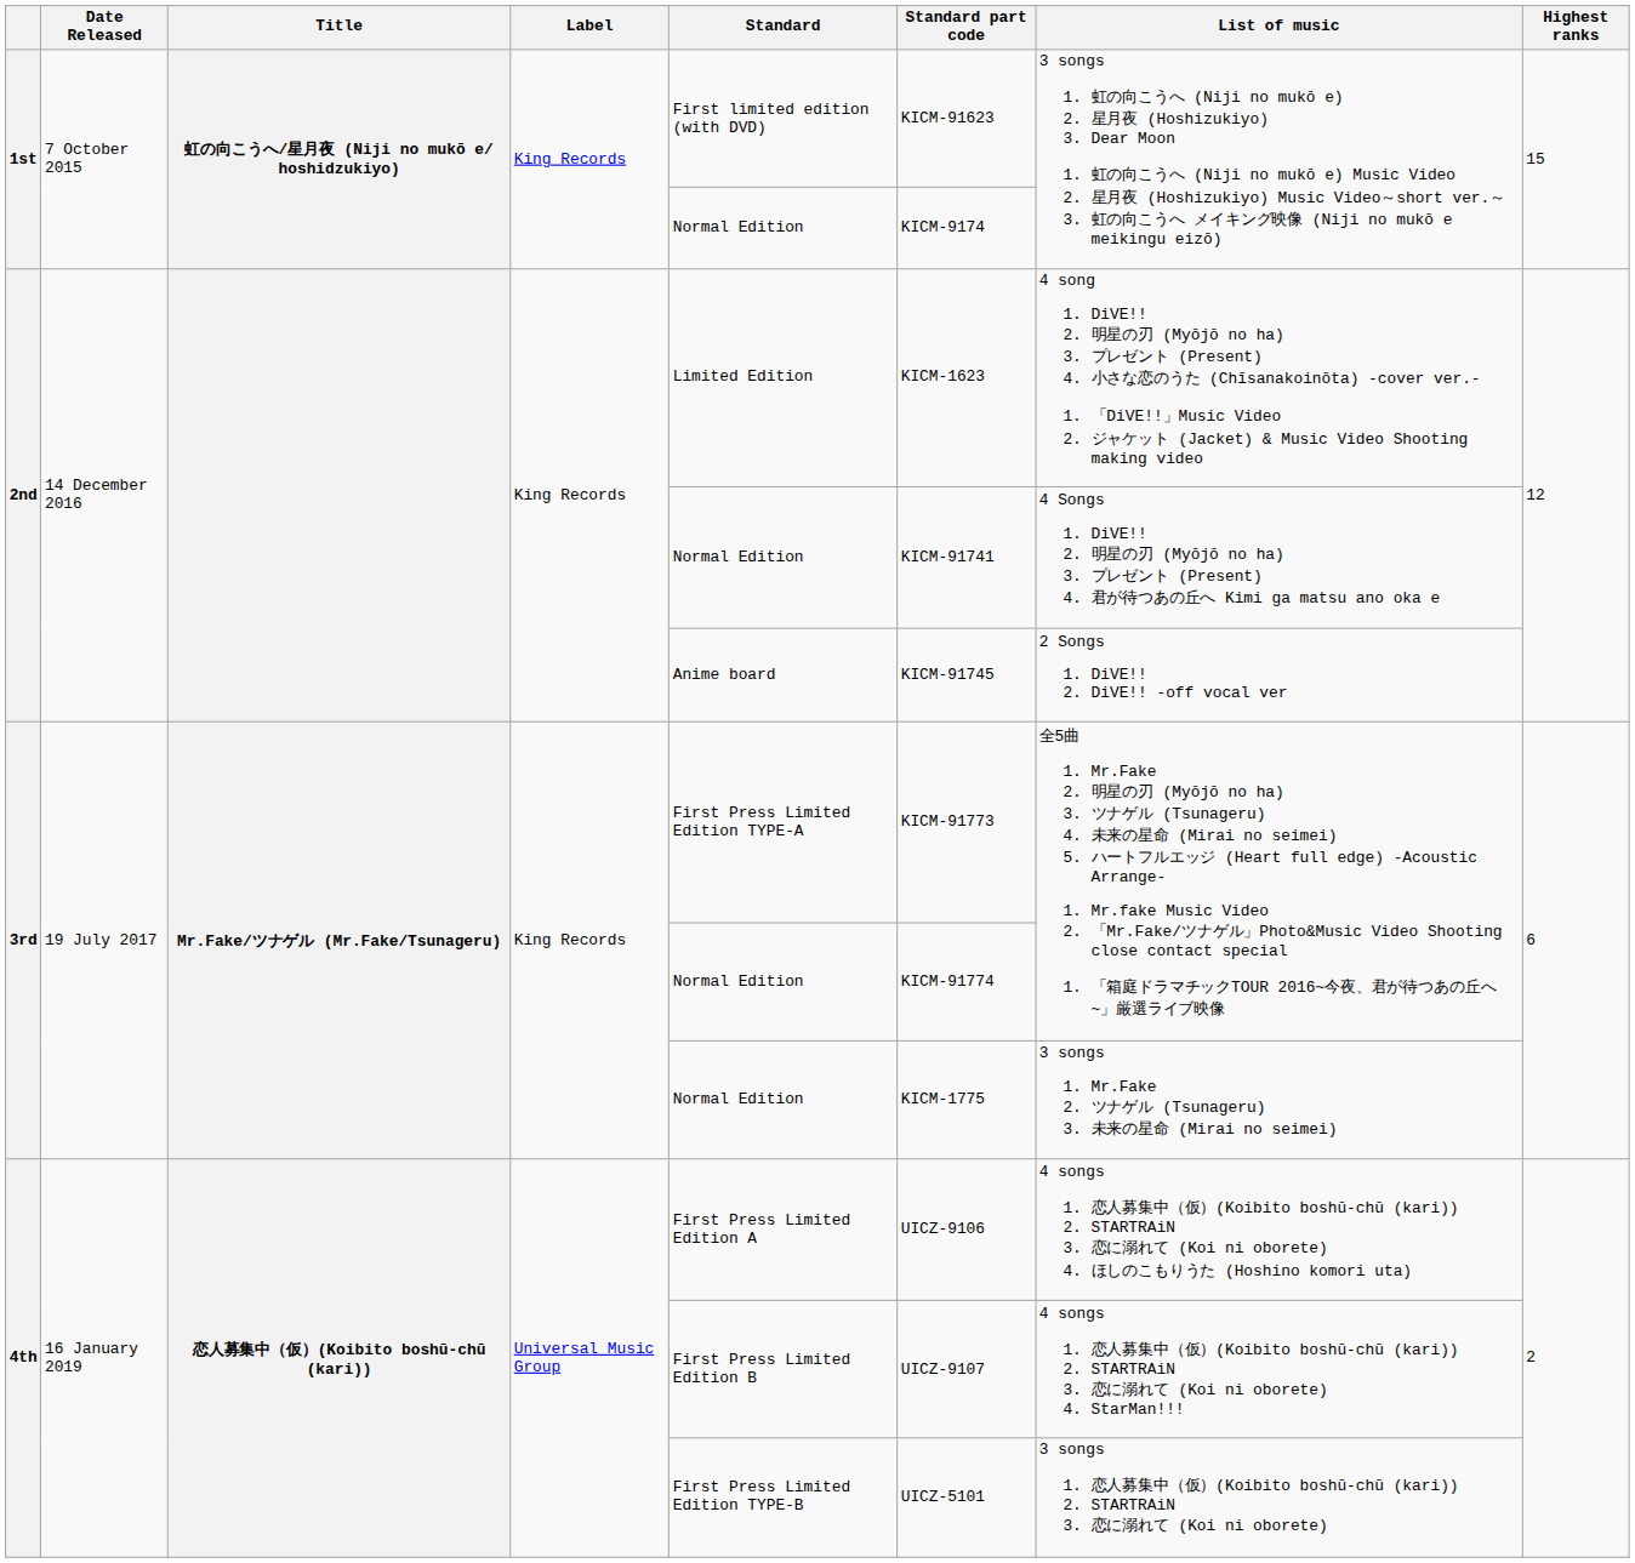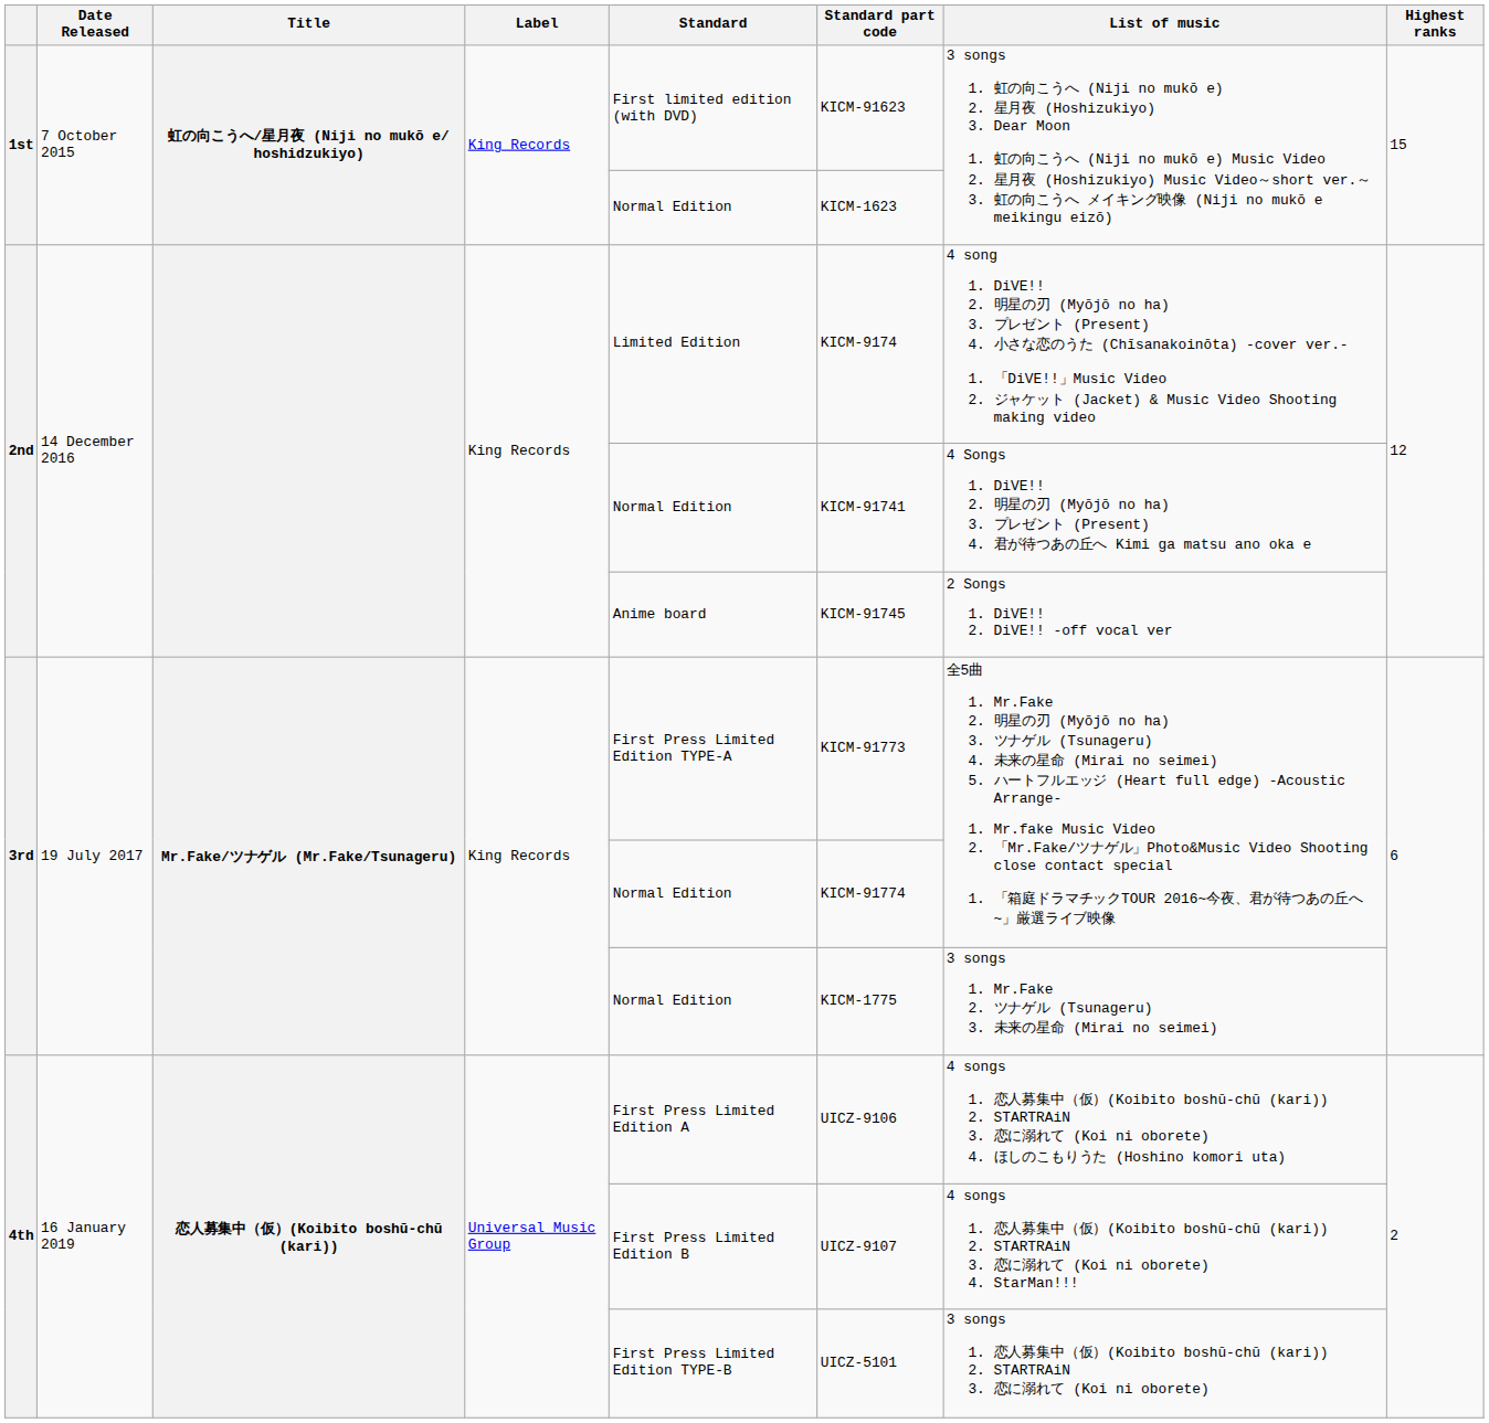 <table class="wikitable" style="font-size: small;">
 <tr>
 <th></th>
 <th>Date Released</th>
 <th>Title</th>
 <th>Label</th>
 <th>Standard</th>
 <th>Standard part code</th>
 <th style="width:30%;">List of music</th>
 <th>Highest ranks</th>
 </tr>
 <tr>
 <th rowspan="2">1st</th>
 <td rowspan="2">7 October 2015</td>
 <th rowspan="2">虹の向こうへ/星月夜 (Niji no mukō e/ hoshidzukiyo)</th>
 <td rowspan="2"><a href='#'>King Records</a></td>
 <td>First limited edition (with DVD)</td>
 <td>KICM-91623</td>
 <td rowspan="2">3 songs<br><ol><li>虹の向こうへ (Niji no mukō e)</li><li>星月夜 (Hoshizukiyo)</li><li>Dear Moon</li></ol><ol><li>虹の向こうへ (Niji no mukō e) Music Video</li><li>星月夜 (Hoshizukiyo) Music Video～short ver.～</li><li>虹の向こうへ メイキング映像 (Niji no mukō e meikingu eizō)</li></ol></td>
 <td rowspan="2">15</td>
 </tr>
 <tr>
 <td>Normal Edition</td>
-<td>KICM-9174</td>
+<td>KICM-1623</td>
 </tr>
 <tr>
 <th rowspan="3">2nd</th>
 <td rowspan="3">14 December 2016</td>
 <th rowspan="3"></th>
 <td rowspan="3">King Records</td>
 <td>Limited Edition</td>
-<td>KICM-1623</td>
+<td>KICM-9174</td>
 <td>4 song<br><ol><li>DiVE!!</li><li>明星の刃 (Myōjō no ha)</li><li>プレゼント (Present)</li><li>小さな恋のうた (Chīsanakoinōta) -cover ver.-</li></ol><ol><li>「DiVE!!」Music Video</li><li>ジャケット  (Jacket) & Music Video Shooting making video</li></ol></td>
 <td rowspan="3">12</td>
 </tr>
 <tr>
 <td>Normal Edition</td>
 <td>KICM-91741</td>
 <td>4 Songs<br><ol><li>DiVE!!</li><li>明星の刃 (Myōjō no ha)</li><li>プレゼント (Present)</li><li>君が待つあの丘へ Kimi ga matsu ano oka e</li></ol></td>
 </tr>
 <tr>
 <td>Anime board</td>
 <td>KICM-91745</td>
 <td>2 Songs<br><ol><li>DiVE!!</li><li>DiVE!! -off vocal ver</li></ol></td>
 </tr>
 <tr>
 <th rowspan="3">3rd</th>
 <td rowspan="3">19 July 2017</td>
 <th rowspan="3">Mr.Fake/ツナゲル (Mr.Fake/Tsunageru)</th>
 <td rowspan="3">King Records</td>
 <td>First Press Limited Edition TYPE-A</td>
 <td>KICM-91773</td>
 <td rowspan="2">全5曲<br><ol><li>Mr.Fake</li><li>明星の刃 (Myōjō no ha)</li><li>ツナゲル (Tsunageru)</li><li>未来の星命 (Mirai no seimei)</li><li>ハートフルエッジ (Heart full edge) -Acoustic Arrange-</li></ol><ol><li>Mr.fake Music Video</li><li>「Mr.Fake/ツナゲル」Photo&Music Video Shooting close contact special</li></ol><ol><li>「箱庭ドラマチックTOUR 2016~今夜、君が待つあの丘へ~」厳選ライブ映像</li></ol></td>
 <td rowspan="3">6</td>
 </tr>
 <tr>
 <td>Normal Edition</td>
 <td>KICM-91774</td>
 </tr>
 <tr>
 <td>Normal Edition</td>
 <td>KICM-1775</td>
 <td>3 songs<br><ol><li>Mr.Fake</li><li>ツナゲル (Tsunageru)</li><li>未来の星命 (Mirai no seimei)</li></ol></td>
 </tr>
 <tr>
 <th rowspan="3">4th</th>
 <td rowspan="3">16 January 2019</td>
 <th rowspan="3">恋人募集中（仮）(Koibito boshū-chū (kari))</th>
 <td rowspan="3"><a href='#'>Universal Music Group</a></td>
 <td>First Press Limited Edition A</td>
 <td>UICZ-9106</td>
 <td>4 songs<br><ol><li>恋人募集中（仮）(Koibito boshū-chū (kari))</li><li>STARTRAiN</li><li>恋に溺れて (Koi ni oborete)</li><li>ほしのこもりうた (Hoshino komori uta)</li></ol></td>
 <td rowspan="3">2</td>
 </tr>
 <tr>
 <td>First Press Limited Edition B</td>
 <td>UICZ-9107</td>
 <td>4 songs<br><ol><li>恋人募集中（仮）(Koibito boshū-chū (kari))</li><li>STARTRAiN</li><li>恋に溺れて (Koi ni oborete)</li><li>StarMan!!!</li></ol></td>
 </tr>
 <tr>
 <td>First Press Limited Edition TYPE-B</td>
 <td>UICZ-5101</td>
 <td>3 songs<br><ol><li>恋人募集中（仮）(Koibito boshū-chū (kari))</li><li>STARTRAiN</li><li>恋に溺れて (Koi ni oborete)</li></ol></td>
 </tr>
 </table>
